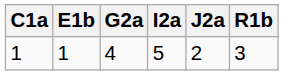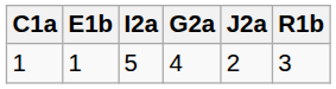 <table class="wikitable" style="margin-left: auto; margin-right: auto; border: none;">
 <tr>
 <th scope="col">C1a</th>
 <th scope="col">E1b</th>
+<th scope="col">I2a</th>
 <th scope="col">G2a</th>
-<th scope="col">I2a</th>
 <th scope="col">J2a</th>
 <th scope="col">R1b</th>
 </tr>
 <tr>
 <td>1</td>
 <td>1</td>
+<td>5</td>
 <td>4</td>
-<td>5</td>
 <td>2</td>
 <td>3</td>
 </tr>
 </table>
